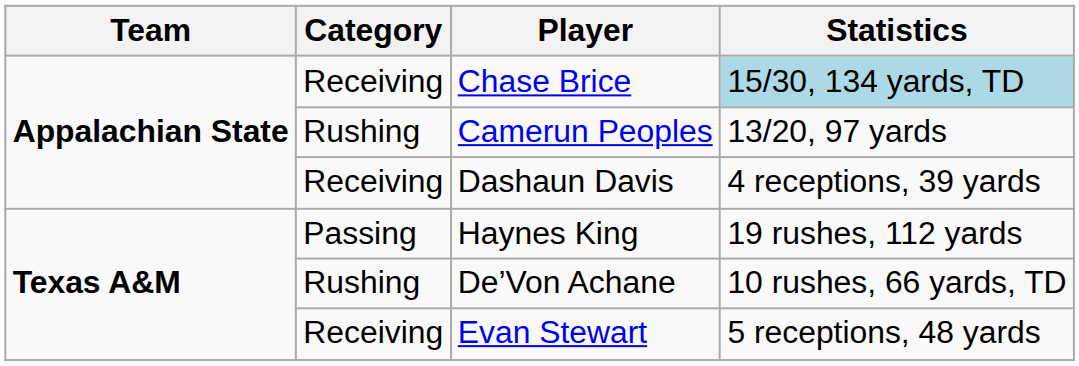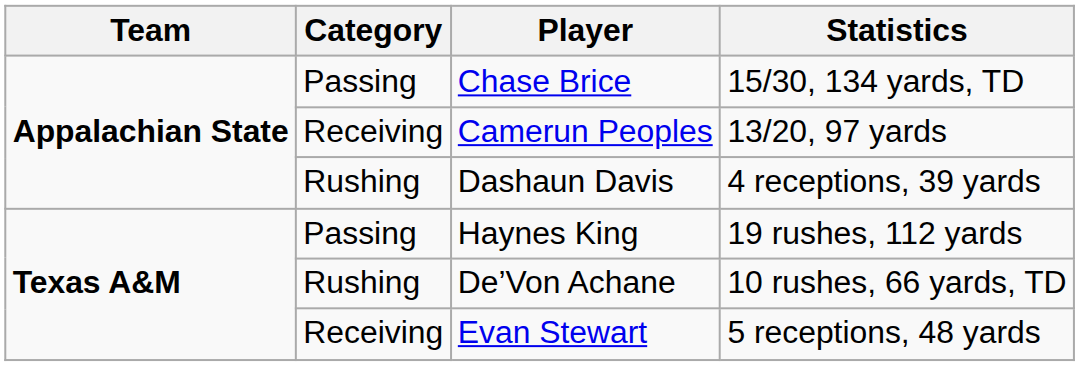 <table class="wikitable" style="float: right;">
 <tr>
 <th>Team</th>
 <th>Category</th>
 <th>Player</th>
 <th>Statistics</th>
 </tr>
 <tr>
 <td rowspan=3><strong>Appalachian State</strong></td>
-<td>Receiving</td>
+<td>Passing</td>
 <td><a href='#'>Chase Brice</a></td>
-<td style="background: lightblue;">15/30, 134 yards, TD</td>
+<td>15/30, 134 yards, TD</td>
 </tr>
 <tr>
-<td>Rushing</td>
+<td>Receiving</td>
 <td><a href='#'>Camerun Peoples</a></td>
 <td>13/20, 97 yards</td>
 </tr>
 <tr>
-<td>Receiving</td>
+<td>Rushing</td>
 <td>Dashaun Davis</td>
 <td>4 receptions, 39 yards</td>
 </tr>
 <tr>
 <td rowspan=3><strong>Texas A&M</strong></td>
 <td>Passing</td>
 <td>Haynes King</td>
 <td>19 rushes, 112 yards</td>
 </tr>
 <tr>
 <td>Rushing</td>
 <td>De’Von Achane</td>
 <td>10 rushes, 66 yards, TD</td>
 </tr>
 <tr>
 <td>Receiving</td>
 <td><a href='#'>Evan Stewart</a></td>
 <td>5 receptions, 48 yards</td>
 </tr>
 </table>
